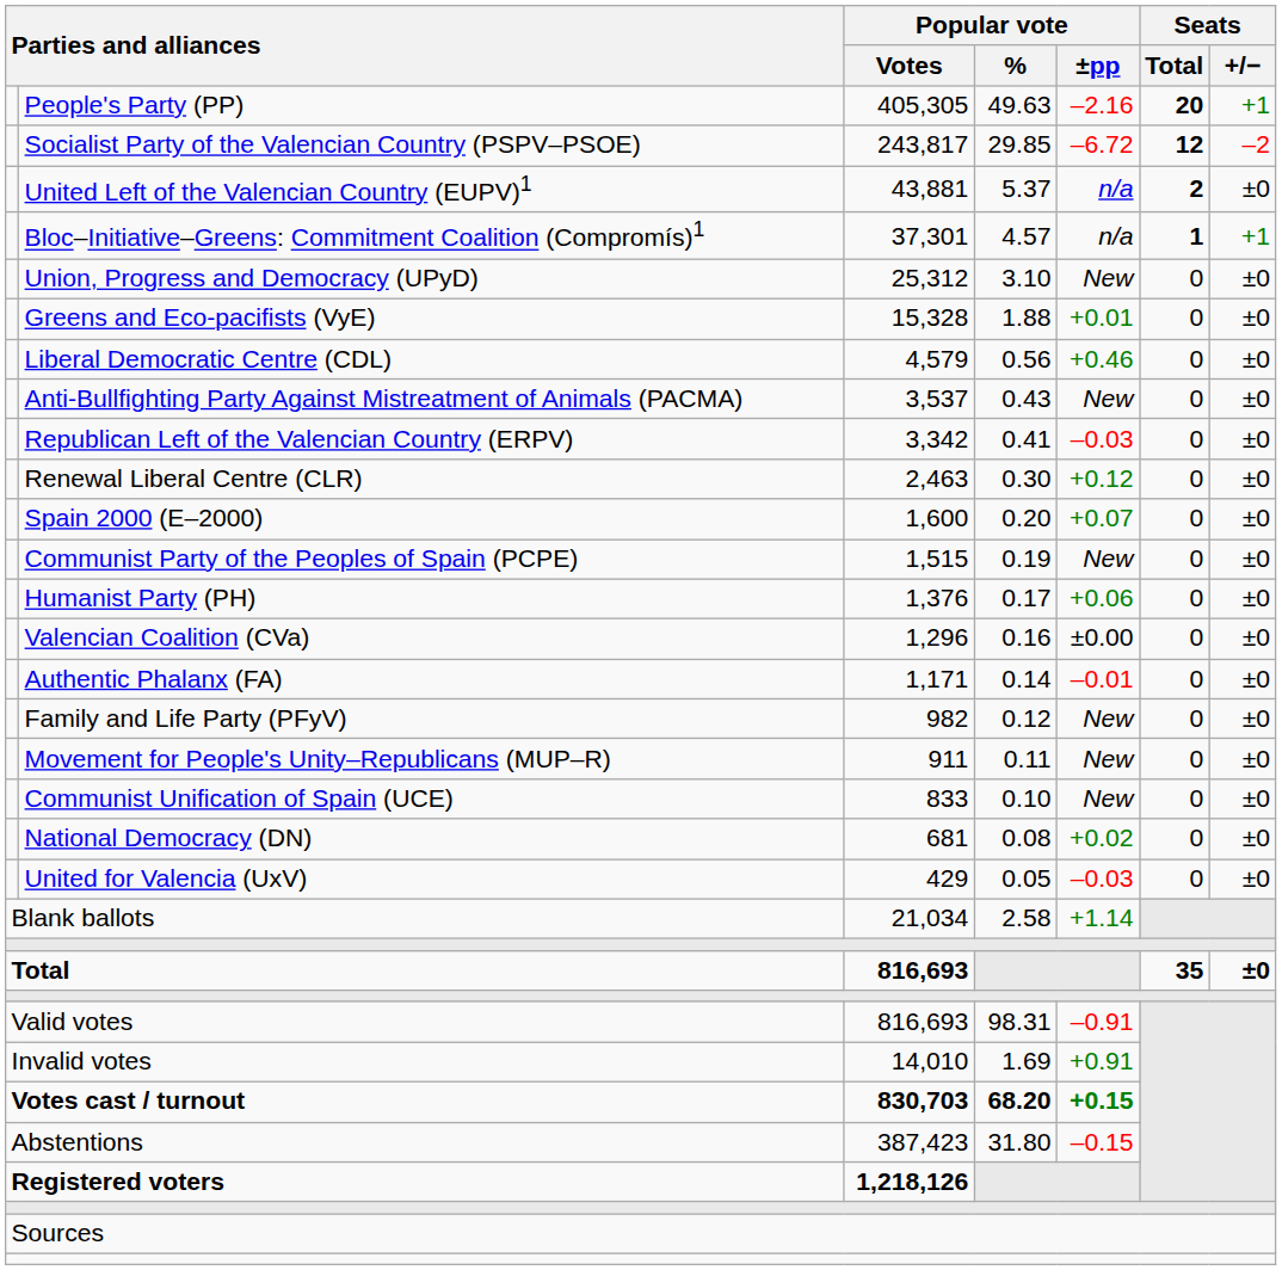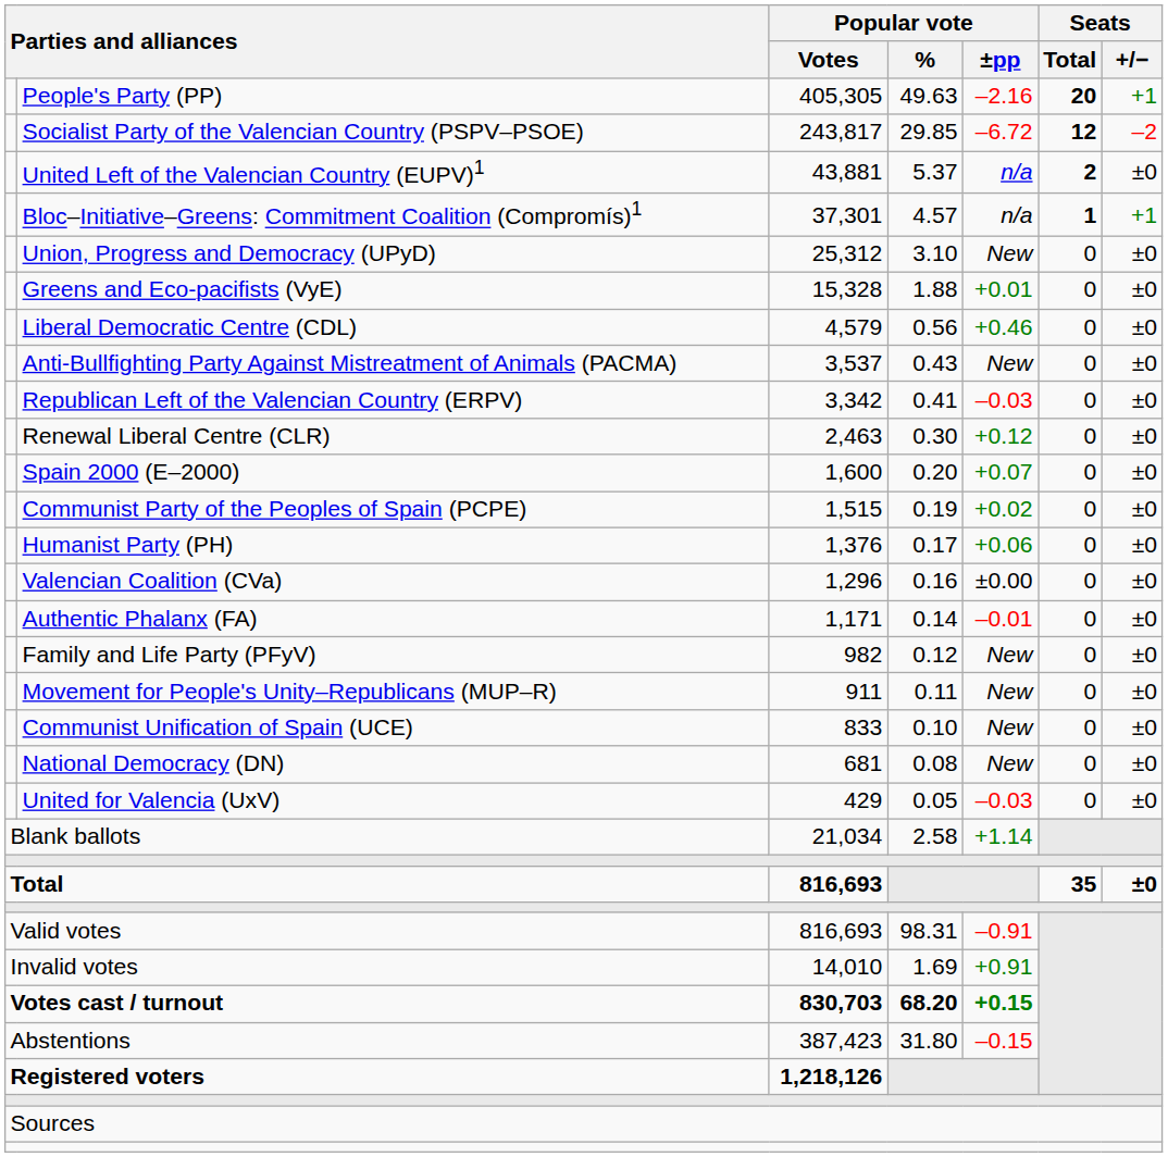 <table class="wikitable" style="text-align:right;">
 <tr>
 <th style="text-align:left;" rowspan="2" colspan="2" width="525">Parties and alliances</th>
 <th colspan="3">Popular vote</th>
 <th colspan="2">Seats</th>
 </tr>
 <tr>
 <th width="75">Votes</th>
 <th width="45">%</th>
 <th width="45">±<a href='#'>pp</a></th>
 <th width="35">Total</th>
 <th width="35">+/−</th>
 </tr>
 <tr>
 <td width="1" style="color:inherit;background:"></td>
 <td align="left"><a href='#'>People's Party</a> (PP)</td>
 <td>405,305</td>
 <td>49.63</td>
 <td style="color:red;">–2.16</td>
 <td><strong>20</strong></td>
 <td style="color:green;">+1</td>
 </tr>
 <tr>
 <td style="color:inherit;background:"></td>
 <td align="left"><a href='#'>Socialist Party of the Valencian Country</a> (PSPV–PSOE)</td>
 <td>243,817</td>
 <td>29.85</td>
 <td style="color:red;">–6.72</td>
 <td><strong>12</strong></td>
 <td style="color:red;">–2</td>
 </tr>
 <tr>
 <td style="color:inherit;background:"></td>
 <td align="left"><a href='#'>United Left of the Valencian Country</a> (EUPV)<sup>1</sup></td>
 <td>43,881</td>
 <td>5.37</td>
 <td><em><a href='#'>n/a</a></em></td>
 <td><strong>2</strong></td>
 <td>±0</td>
 </tr>
 <tr>
 <td style="color:inherit;background:"></td>
 <td align="left"><a href='#'>Bloc</a>–<a href='#'>Initiative</a>–<a href='#'>Greens</a>: <a href='#'>Commitment Coalition</a> (Compromís)<sup>1</sup></td>
 <td>37,301</td>
 <td>4.57</td>
 <td><em>n/a</em></td>
 <td><strong>1</strong></td>
 <td style="color:green;">+1</td>
 </tr>
 <tr>
 <td style="color:inherit;background:"></td>
 <td align="left"><a href='#'>Union, Progress and Democracy</a> (UPyD)</td>
 <td>25,312</td>
 <td>3.10</td>
 <td><em>New</em></td>
 <td>0</td>
 <td>±0</td>
 </tr>
 <tr>
 <td style="color:inherit;background:"></td>
 <td align="left"><a href='#'>Greens and Eco-pacifists</a> (VyE)</td>
 <td>15,328</td>
 <td>1.88</td>
 <td style="color:green;">+0.01</td>
 <td>0</td>
 <td>±0</td>
 </tr>
 <tr>
 <td style="color:inherit;background:"></td>
 <td align="left"><a href='#'>Liberal Democratic Centre</a> (CDL)</td>
 <td>4,579</td>
 <td>0.56</td>
 <td style="color:green;">+0.46</td>
 <td>0</td>
 <td>±0</td>
 </tr>
 <tr>
 <td style="color:inherit;background:"></td>
 <td align="left"><a href='#'>Anti-Bullfighting Party Against Mistreatment of Animals</a> (PACMA)</td>
 <td>3,537</td>
 <td>0.43</td>
 <td><em>New</em></td>
 <td>0</td>
 <td>±0</td>
 </tr>
 <tr>
 <td style="color:inherit;background:"></td>
 <td align="left"><a href='#'>Republican Left of the Valencian Country</a> (ERPV)</td>
 <td>3,342</td>
 <td>0.41</td>
 <td style="color:red;">–0.03</td>
 <td>0</td>
 <td>±0</td>
 </tr>
 <tr>
 <td style="color:inherit;background:"></td>
 <td align="left">Renewal Liberal Centre (CLR)</td>
 <td>2,463</td>
 <td>0.30</td>
 <td style="color:green;">+0.12</td>
 <td>0</td>
 <td>±0</td>
 </tr>
 <tr>
 <td style="color:inherit;background:"></td>
 <td align="left"><a href='#'>Spain 2000</a> (E–2000)</td>
 <td>1,600</td>
 <td>0.20</td>
 <td style="color:green;">+0.07</td>
 <td>0</td>
 <td>±0</td>
 </tr>
 <tr>
 <td style="color:inherit;background:"></td>
 <td align="left"><a href='#'>Communist Party of the Peoples of Spain</a> (PCPE)</td>
 <td>1,515</td>
 <td>0.19</td>
-<td><em>New</em></td>
+<td style="color:green;">+0.02</td>
 <td>0</td>
 <td>±0</td>
 </tr>
 <tr>
 <td style="color:inherit;background:"></td>
 <td align="left"><a href='#'>Humanist Party</a> (PH)</td>
 <td>1,376</td>
 <td>0.17</td>
 <td style="color:green;">+0.06</td>
 <td>0</td>
 <td>±0</td>
 </tr>
 <tr>
 <td style="color:inherit;background:"></td>
 <td align="left"><a href='#'>Valencian Coalition</a> (CVa)</td>
 <td>1,296</td>
 <td>0.16</td>
 <td>±0.00</td>
 <td>0</td>
 <td>±0</td>
 </tr>
 <tr>
 <td style="color:inherit;background:"></td>
 <td align="left"><a href='#'>Authentic Phalanx</a> (FA)</td>
 <td>1,171</td>
 <td>0.14</td>
 <td style="color:red;">–0.01</td>
 <td>0</td>
 <td>±0</td>
 </tr>
 <tr>
 <td style="color:inherit;background:"></td>
 <td align="left">Family and Life Party (PFyV)</td>
 <td>982</td>
 <td>0.12</td>
 <td><em>New</em></td>
 <td>0</td>
 <td>±0</td>
 </tr>
 <tr>
 <td style="color:inherit;background:"></td>
 <td align="left"><a href='#'>Movement for People's Unity–Republicans</a> (MUP–R)</td>
 <td>911</td>
 <td>0.11</td>
 <td><em>New</em></td>
 <td>0</td>
 <td>±0</td>
 </tr>
 <tr>
 <td style="color:inherit;background:"></td>
 <td align="left"><a href='#'>Communist Unification of Spain</a> (UCE)</td>
 <td>833</td>
 <td>0.10</td>
 <td><em>New</em></td>
 <td>0</td>
 <td>±0</td>
 </tr>
 <tr>
 <td style="color:inherit;background:"></td>
 <td align="left"><a href='#'>National Democracy</a> (DN)</td>
 <td>681</td>
 <td>0.08</td>
-<td style="color:green;">+0.02</td>
+<td><em>New</em></td>
 <td>0</td>
 <td>±0</td>
 </tr>
 <tr>
 <td style="color:inherit;background:"></td>
 <td align="left"><a href='#'>United for Valencia</a> (UxV)</td>
 <td>429</td>
 <td>0.05</td>
 <td style="color:red;">–0.03</td>
 <td>0</td>
 <td>±0</td>
 </tr>
 <tr>
 <td align="left" colspan="2">Blank ballots</td>
 <td>21,034</td>
 <td>2.58</td>
 <td style="color:green;">+1.14</td>
 <td bgcolor="#E9E9E9" colspan="2"></td>
 </tr>
 <tr>
 <td colspan="7" bgcolor="#E9E9E9"></td>
 </tr>
 <tr style="font-weight:bold;">
 <td align="left" colspan="2">Total</td>
 <td>816,693</td>
 <td bgcolor="#E9E9E9" colspan="2"></td>
 <td>35</td>
 <td>±0</td>
 </tr>
 <tr>
 <td colspan="7" bgcolor="#E9E9E9"></td>
 </tr>
 <tr>
 <td align="left" colspan="2">Valid votes</td>
 <td>816,693</td>
 <td>98.31</td>
 <td style="color:red;">–0.91</td>
 <td bgcolor="#E9E9E9" colspan="2" rowspan="5"></td>
 </tr>
 <tr>
 <td align="left" colspan="2">Invalid votes</td>
 <td>14,010</td>
 <td>1.69</td>
 <td style="color:green;">+0.91</td>
 </tr>
 <tr style="font-weight:bold;">
 <td align="left" colspan="2">Votes cast / turnout</td>
 <td>830,703</td>
 <td>68.20</td>
 <td style="color:green;">+0.15</td>
 </tr>
 <tr>
 <td align="left" colspan="2">Abstentions</td>
 <td>387,423</td>
 <td>31.80</td>
 <td style="color:red;">–0.15</td>
 </tr>
 <tr style="font-weight:bold;">
 <td align="left" colspan="2">Registered voters</td>
 <td>1,218,126</td>
 <td bgcolor="#E9E9E9" colspan="2"></td>
 </tr>
 <tr>
 <td colspan="7" bgcolor="#E9E9E9"></td>
 </tr>
 <tr>
 <td align="left" colspan="7">Sources</td>
 </tr>
 <tr>
 <td colspan="7" style="text-align:left; max-width:790px;"></td>
 </tr>
 </table>
